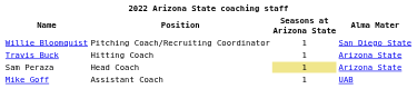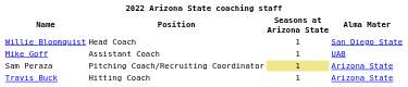 <table class="toccolours" style="border-collapse; font-size:90%;">
 <tr>
 <th colspan="4">2022 Arizona State coaching staff</th>
 </tr>
 <tr>
 <th>Name</th>
 <th>Position</th>
 <th>Seasons at<br>Arizona State</th>
 <th>Alma Mater</th>
 </tr>
 <tr>
 <td><a href='#'>Willie Bloomquist</a></td>
-<td>Pitching Coach/Recruiting Coordinator</td>
+<td>Head Coach</td>
 <td align=center>1</td>
 <td><a href='#'>San Diego State</a></td>
+</tr>
+<tr>
+<td><a href='#'>Mike Goff</a></td>
+<td>Assistant Coach</td>
+<td align=center>1</td>
+<td><a href='#'>UAB</a></td>
+</tr>
+<tr>
+<td>Sam Peraza</td>
+<td>Pitching Coach/Recruiting Coordinator</td>
+<td align=center style="background: khaki;">1</td>
+<td><a href='#'>Arizona State</a></td>
 </tr>
 <tr>
 <td><a href='#'>Travis Buck</a></td>
 <td>Hitting Coach</td>
 <td align=center>1</td>
 <td><a href='#'>Arizona State</a></td>
 </tr>
-<tr>
-<td>Sam Peraza</td>
-<td>Head Coach</td>
-<td align=center style="background: khaki;">1</td>
-<td><a href='#'>Arizona State</a></td>
-</tr>
-<tr>
-<td><a href='#'>Mike Goff</a></td>
-<td>Assistant Coach</td>
-<td align=center>1</td>
-<td><a href='#'>UAB</a></td>
-</tr>
 </table>
